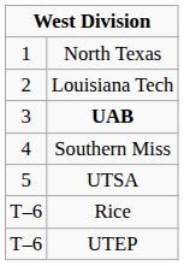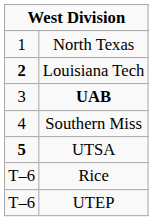 <table class="wikitable">
 <tr align="center">
 <td align="center" Colspan="2"><strong>West Division</strong></td>
 </tr>
 <tr align="center">
 </tr>
 <tr align="center">
 <td>1</td>
 <td>North Texas</td>
 </tr>
 <tr align="center">
-<td>2</td>
+<td><strong>2</strong></td>
 <td>Louisiana Tech</td>
 </tr>
 <tr align="center">
 <td>3</td>
 <td><strong>UAB</strong></td>
 </tr>
 <tr align="center">
 <td>4</td>
 <td>Southern Miss</td>
 </tr>
 <tr align="center">
-<td>5</td>
+<td><strong>5</strong></td>
 <td>UTSA</td>
 </tr>
 <tr align="center">
 <td>T–6</td>
 <td>Rice</td>
 </tr>
 <tr align="center">
 <td>T–6</td>
 <td>UTEP</td>
 </tr>
 </table>
